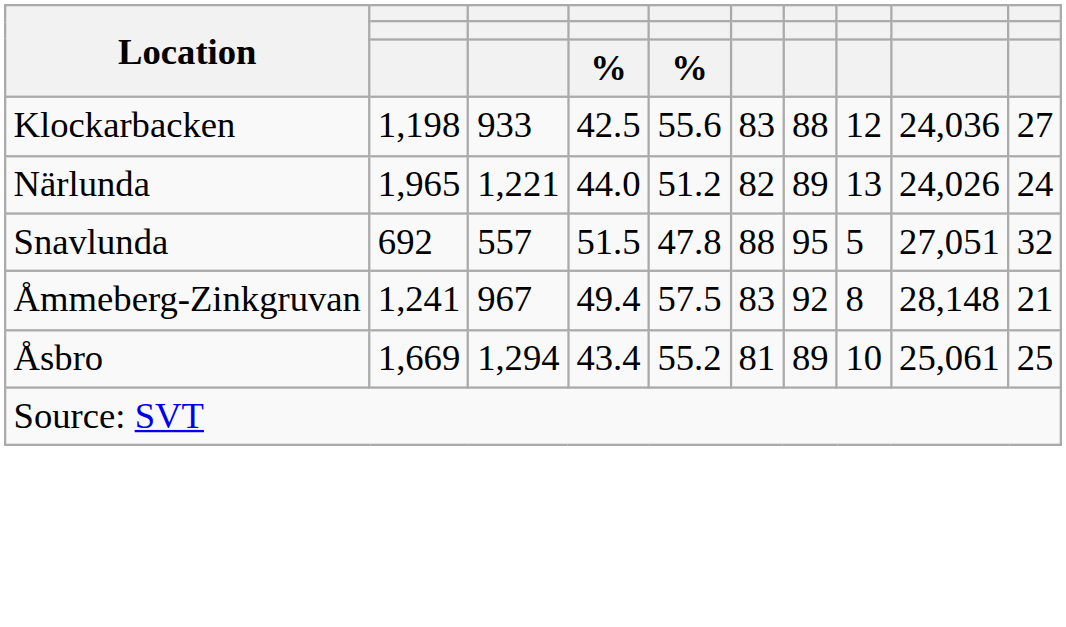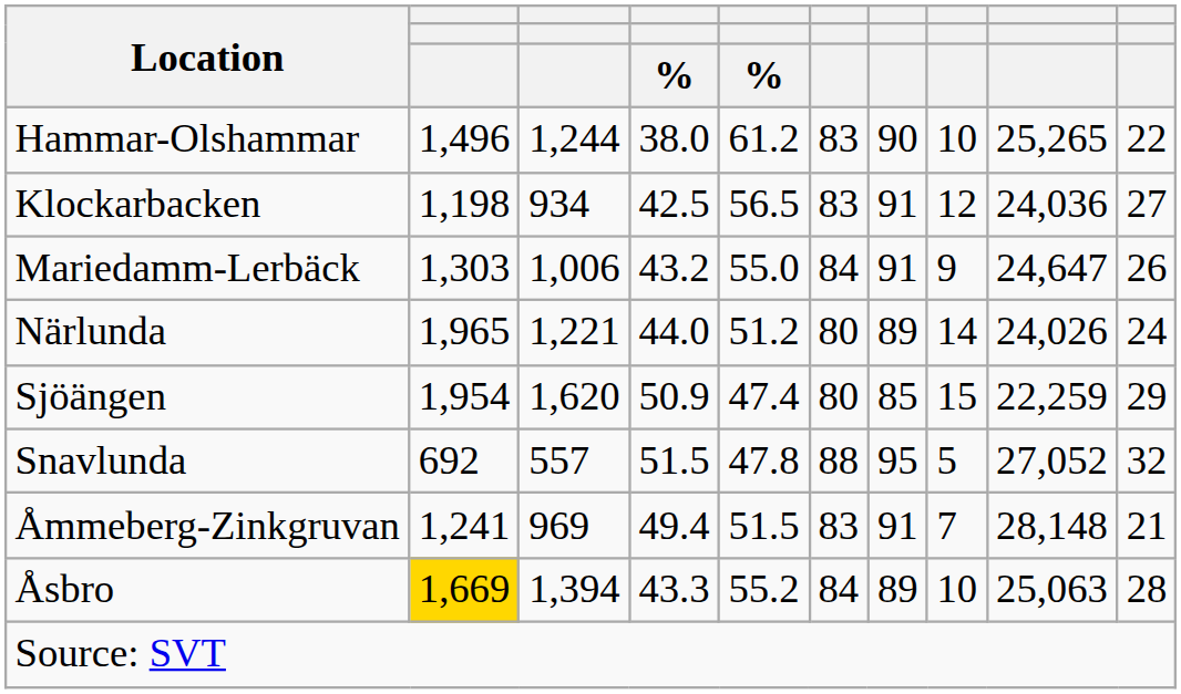 <table role="presentation" class="wikitable sortable mw-collapsible">
 <tr>
 <th rowspan="3">Location</th>
 <th></th>
 <th></th>
 <th></th>
 <th></th>
 <th></th>
 <th></th>
 <th></th>
 <th></th>
 <th></th>
 </tr>
 <tr>
 <th></th>
 <th></th>
 <th style="background:"></th>
 <th style="background:"></th>
 <th></th>
 <th></th>
 <th></th>
 <th></th>
 <th></th>
 </tr>
 <tr>
 <th data-sort-type="number"></th>
 <th data-sort-type="number"></th>
 <th data-sort-type="number">%</th>
 <th data-sort-type="number">%</th>
 <th data-sort-type="number"></th>
 <th data-sort-type="number"></th>
 <th data-sort-type="number"></th>
 <th data-sort-type="number"></th>
 <th data-sort-type="number"></th>
 </tr>
 <tr>
+<td align="left">Hammar-Olshammar</td>
+<td>1,496</td>
+<td>1,244</td>
+<td>38.0</td>
+<td>61.2</td>
+<td>83</td>
+<td>90</td>
+<td>10</td>
+<td>25,265</td>
+<td>22</td>
+</tr>
+<tr>
 <td align="left">Klockarbacken</td>
 <td>1,198</td>
-<td>933</td>
+<td>934</td>
 <td>42.5</td>
-<td>55.6</td>
+<td>56.5</td>
 <td>83</td>
-<td>88</td>
+<td>91</td>
 <td>12</td>
 <td>24,036</td>
 <td>27</td>
+</tr>
+<tr>
+<td align="left">Mariedamm-Lerbäck</td>
+<td>1,303</td>
+<td>1,006</td>
+<td>43.2</td>
+<td>55.0</td>
+<td>84</td>
+<td>91</td>
+<td>9</td>
+<td>24,647</td>
+<td>26</td>
 </tr>
 <tr>
 <td align="left">Närlunda</td>
 <td>1,965</td>
 <td>1,221</td>
 <td>44.0</td>
 <td>51.2</td>
-<td>82</td>
+<td>80</td>
 <td>89</td>
-<td>13</td>
+<td>14</td>
 <td>24,026</td>
 <td>24</td>
+</tr>
+<tr>
+<td align="left">Sjöängen</td>
+<td>1,954</td>
+<td>1,620</td>
+<td>50.9</td>
+<td>47.4</td>
+<td>80</td>
+<td>85</td>
+<td>15</td>
+<td>22,259</td>
+<td>29</td>
 </tr>
 <tr>
 <td align="left">Snavlunda</td>
 <td>692</td>
 <td>557</td>
 <td>51.5</td>
 <td>47.8</td>
 <td>88</td>
 <td>95</td>
 <td>5</td>
-<td>27,051</td>
+<td>27,052</td>
 <td>32</td>
 </tr>
 <tr>
 <td align="left">Åmmeberg-Zinkgruvan</td>
 <td>1,241</td>
-<td>967</td>
+<td>969</td>
 <td>49.4</td>
-<td>57.5</td>
+<td>51.5</td>
 <td>83</td>
-<td>92</td>
-<td>8</td>
+<td>91</td>
+<td>7</td>
 <td>28,148</td>
 <td>21</td>
 </tr>
 <tr>
 <td align="left">Åsbro</td>
-<td>1,669</td>
-<td>1,294</td>
-<td>43.4</td>
+<td style="background: gold;">1,669</td>
+<td>1,394</td>
+<td>43.3</td>
 <td>55.2</td>
-<td>81</td>
+<td>84</td>
 <td>89</td>
 <td>10</td>
-<td>25,061</td>
-<td>25</td>
+<td>25,063</td>
+<td>28</td>
 </tr>
 <tr>
 <td colspan="10" align="left">Source: <a href='#'>SVT</a></td>
 </tr>
 </table>
